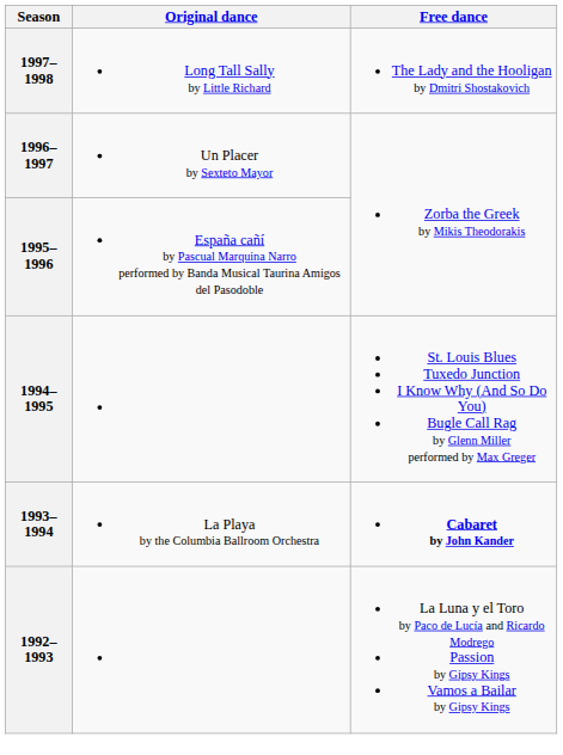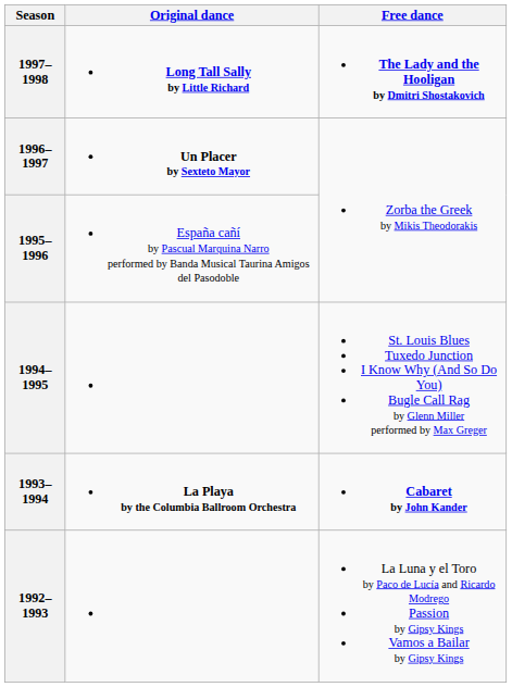 <table class=wikitable style=text-align:center>
 <tr>
 <th>Season</th>
 <th><a href='#'>Original dance</a></th>
 <th><a href='#'>Free dance</a></th>
 </tr>
 <tr>
 <th>1997–1998</th>
-<td><br><ul><li><a href='#'>Long Tall Sally</a> <br><small> by <a href='#'>Little Richard</a> </small></li></ul></td>
-<td><br><ul><li><a href='#'>The Lady and the Hooligan</a> <br><small> by <a href='#'>Dmitri Shostakovich</a> </small></li></ul></td>
+<td><strong><br><ul><li><a href='#'>Long Tall Sally</a> <br><small> by <a href='#'>Little Richard</a> </small></li></ul></strong></td>
+<td><strong><br><ul><li><a href='#'>The Lady and the Hooligan</a> <br><small> by <a href='#'>Dmitri Shostakovich</a> </small></li></ul></strong></td>
 </tr>
 <tr>
 <th>1996–1997</th>
-<td><br><ul><li>Un Placer <br><small> by <a href='#'>Sexteto Mayor</a> </small></li></ul></td>
+<td><strong><br><ul><li>Un Placer <br><small> by <a href='#'>Sexteto Mayor</a> </small></li></ul></strong></td>
 <td rowspan=2><br><ul><li><a href='#'>Zorba the Greek</a> <br><small> by <a href='#'>Mikis Theodorakis</a> </small></li></ul></td>
 </tr>
 <tr>
 <th>1995–1996</th>
 <td><br><ul><li><a href='#'>España cañí</a> <br><small> by <a href='#'>Pascual Marquina Narro</a> <br> performed by Banda Musical Taurina Amigos del Pasodoble </small></li></ul></td>
 </tr>
 <tr>
 <th>1994–1995</th>
 <td><br><ul><li></li></ul></td>
 <td><br><ul><li><a href='#'>St. Louis Blues</a></li><li><a href='#'>Tuxedo Junction</a></li><li><a href='#'>I Know Why (And So Do You)</a></li><li><a href='#'>Bugle Call Rag</a> <br><small> by <a href='#'>Glenn Miller</a> <br> performed by <a href='#'>Max Greger</a> </small></li></ul></td>
 </tr>
 <tr>
 <th>1993–1994</th>
-<td><br><ul><li>La Playa <br><small> by the Columbia Ballroom Orchestra </small></li></ul></td>
+<td><strong><br><ul><li>La Playa <br><small> by the Columbia Ballroom Orchestra </small></li></ul></strong></td>
 <td><strong><br><ul><li><a href='#'>Cabaret</a> <br><small> by <a href='#'>John Kander</a> </small></li></ul></strong></td>
 </tr>
 <tr>
 <th>1992–1993</th>
 <td><br><ul><li></li></ul></td>
 <td><br><ul><li>La Luna y el Toro <br><small> by <a href='#'>Paco de Lucía</a> and <a href='#'>Ricardo Modrego</a> </small></li><li><a href='#'>Passion</a> <br><small> by <a href='#'>Gipsy Kings</a> </small></li><li><a href='#'>Vamos a Bailar</a> <br><small> by <a href='#'>Gipsy Kings</a> </small></li></ul></td>
 </tr>
 </table>
